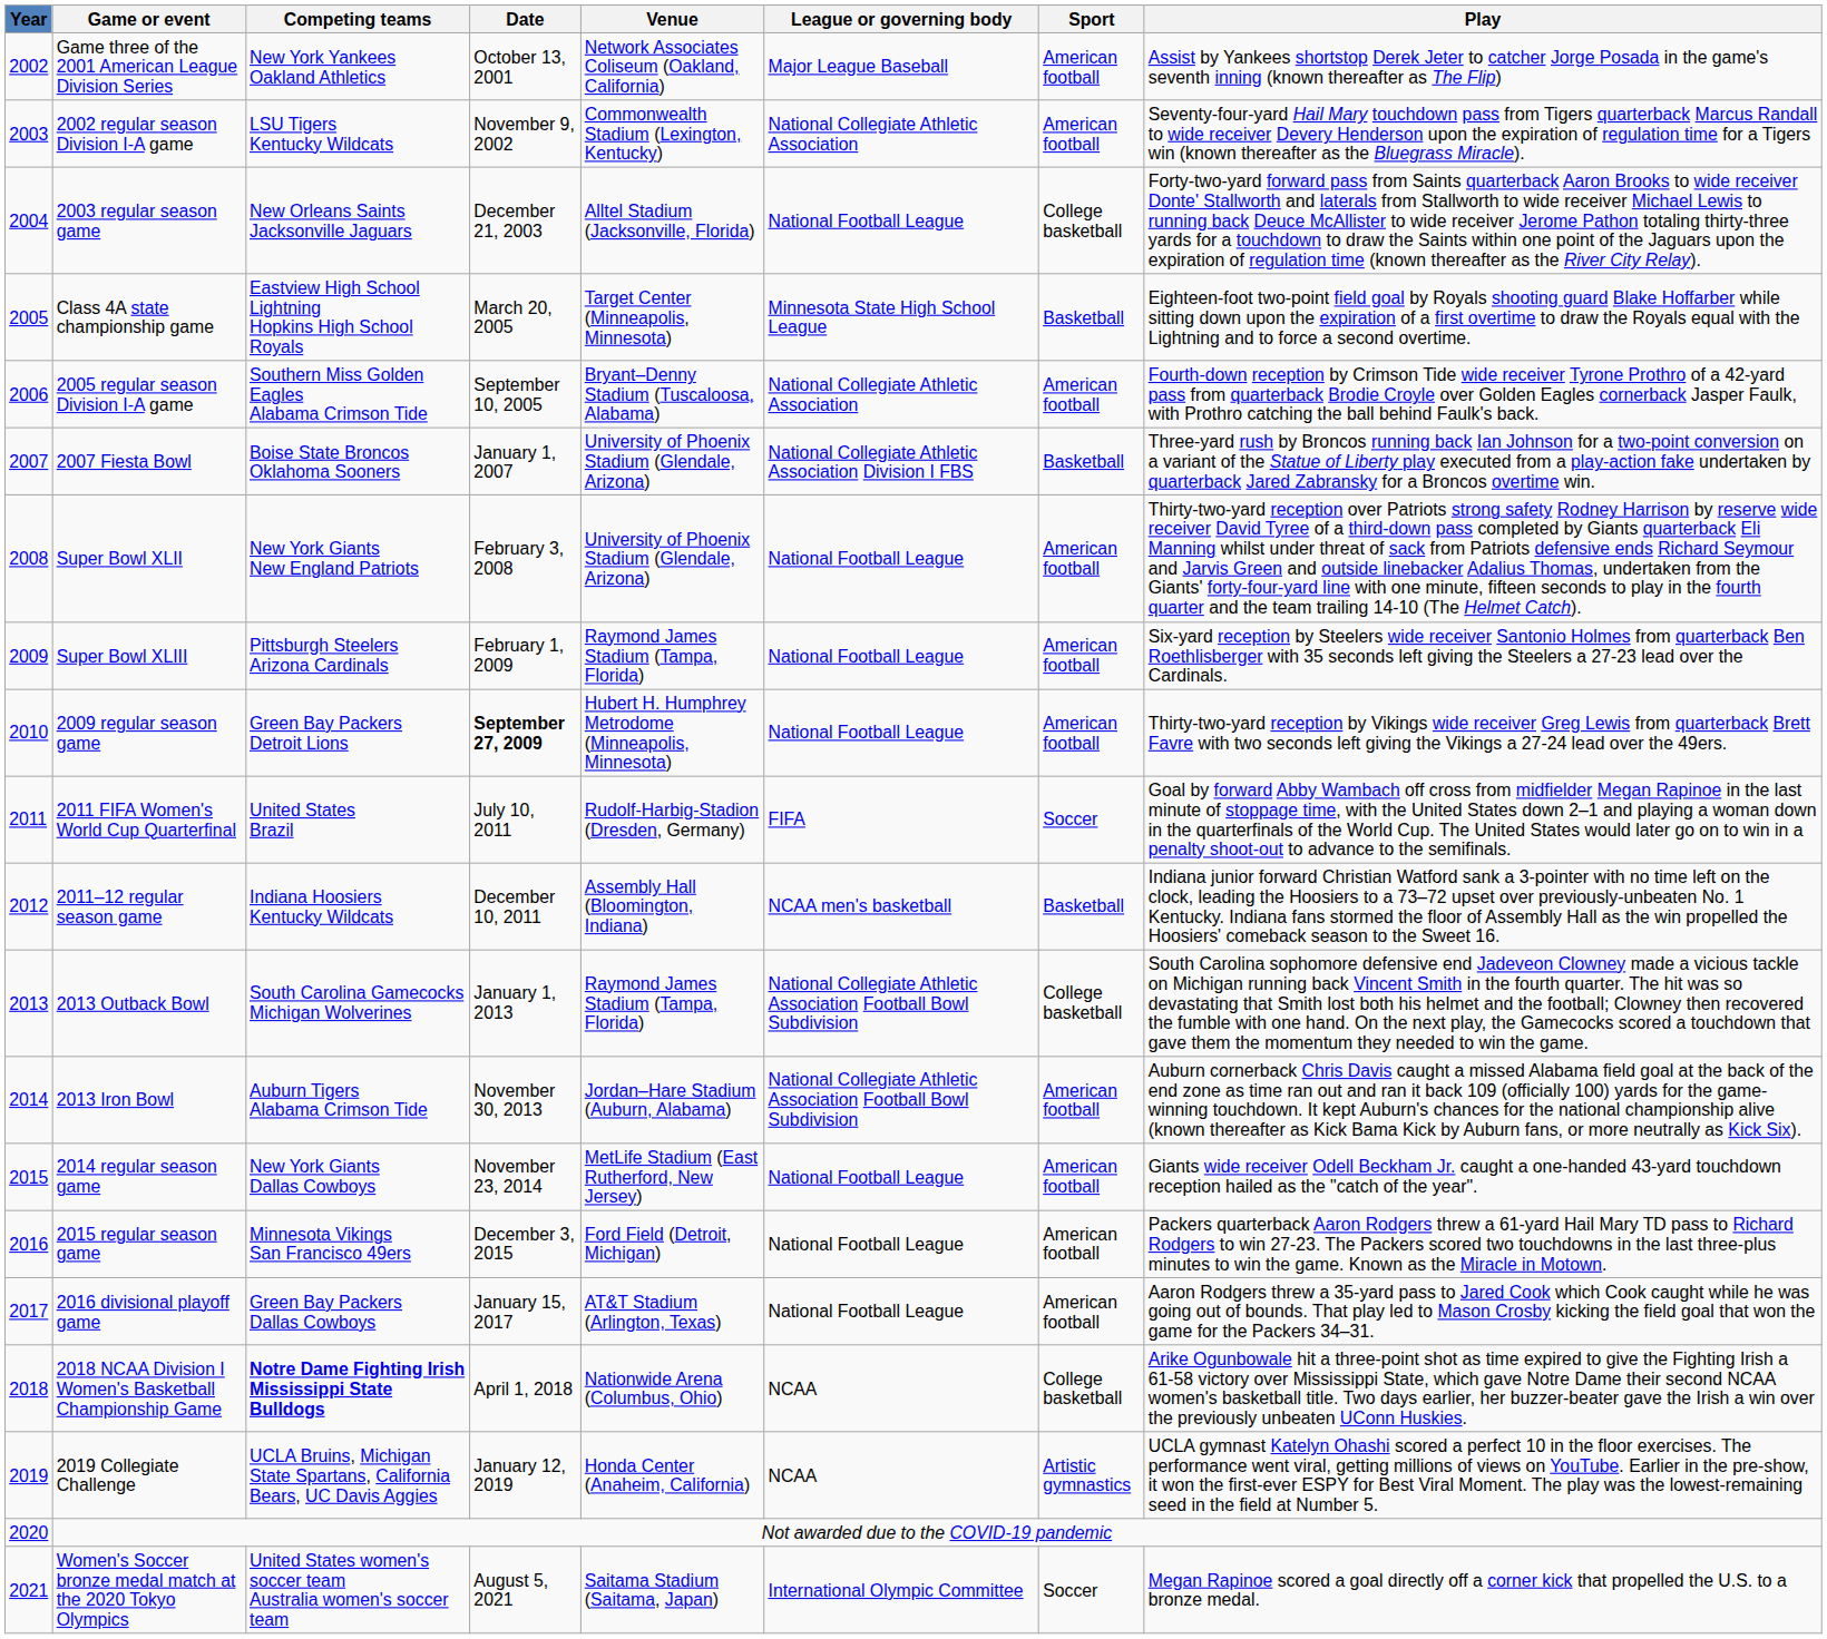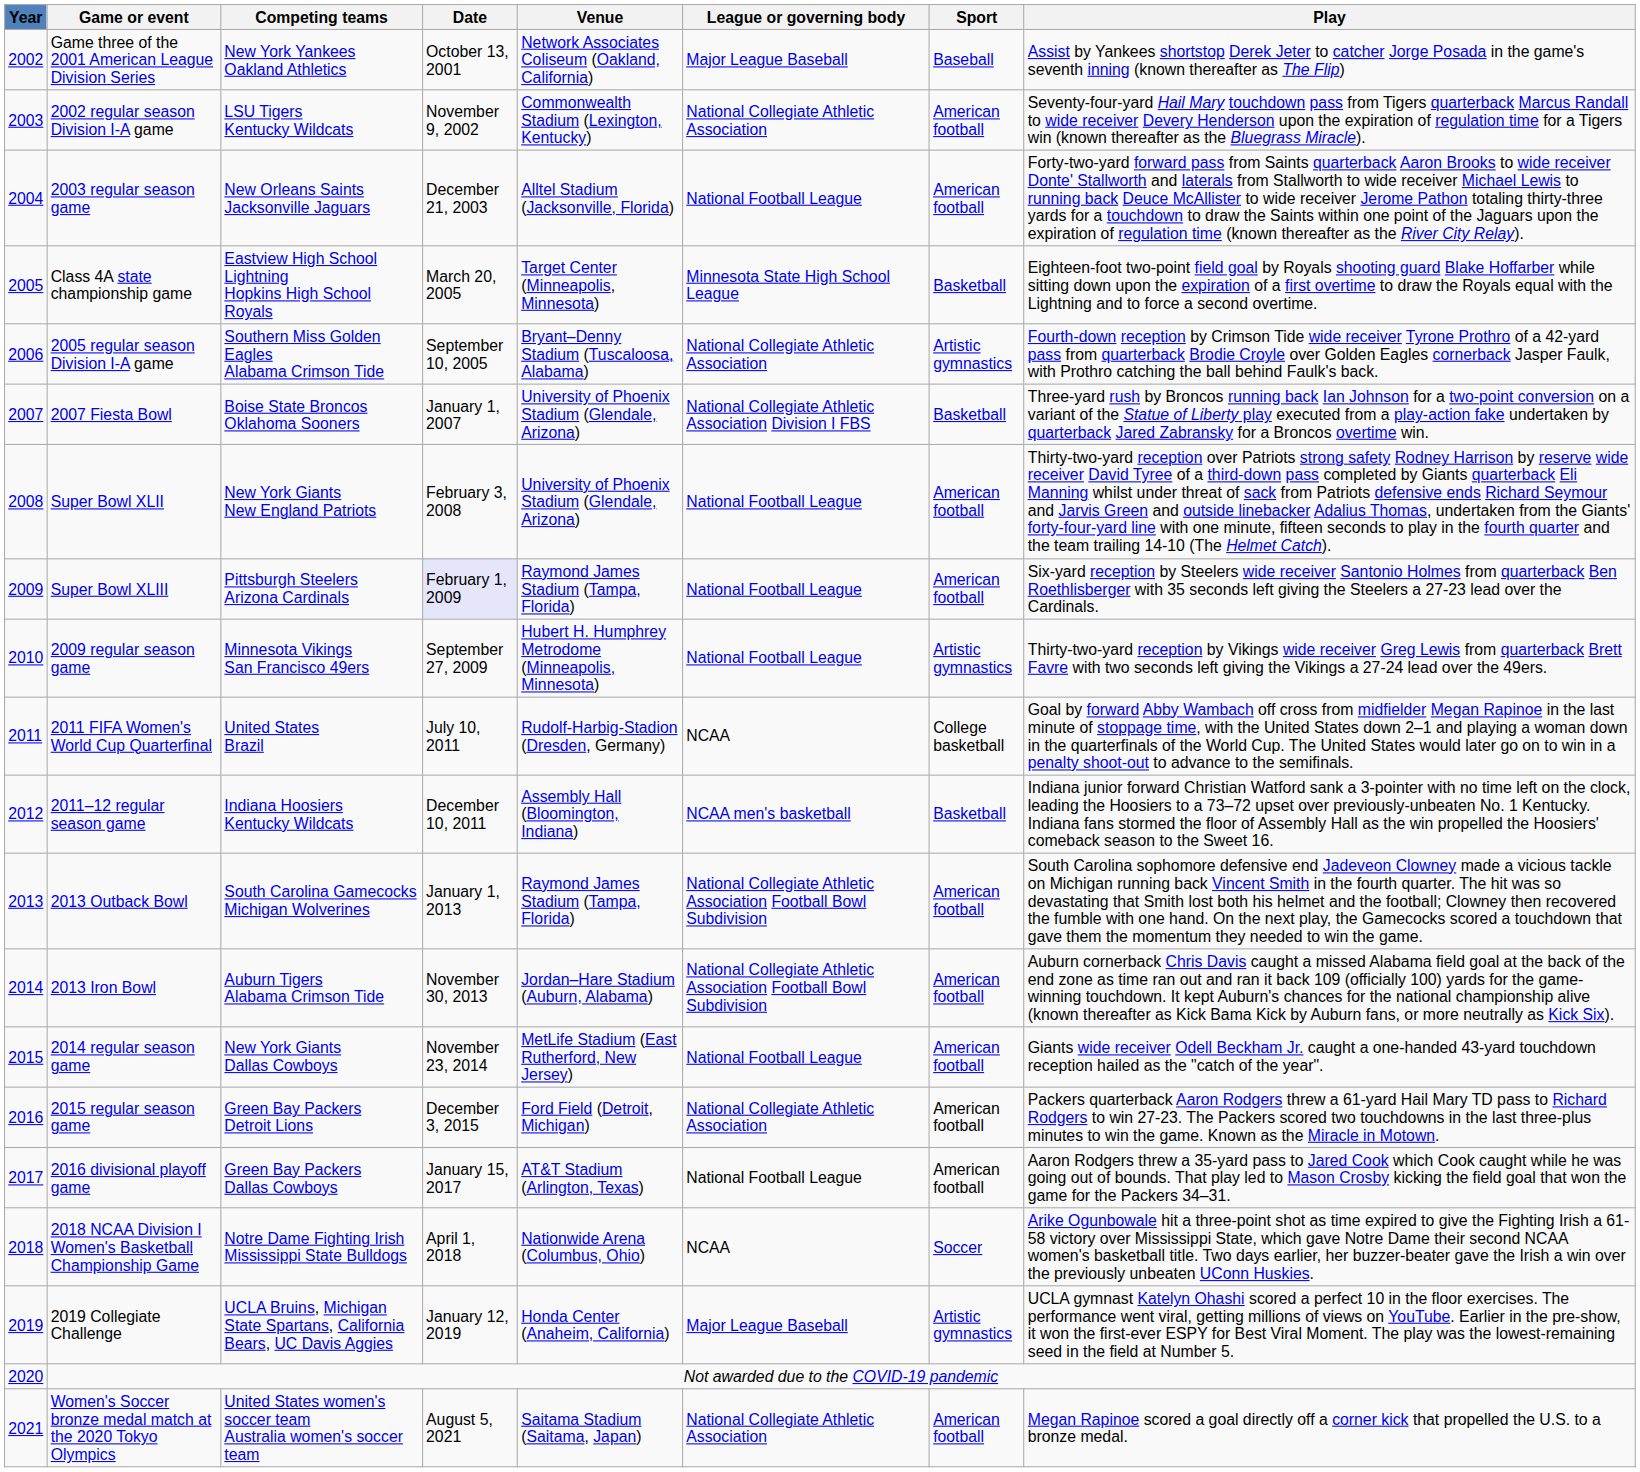 <table class="wikitable sortable" style="font-size: 95%;">
 <tr style="white-space: nowrap;">
 <th style="background-color:#4F81BD">Year</th>
 <th>Game or event</th>
 <th class="unsortable">Competing teams</th>
 <th class="unsortable">Date</th>
 <th>Venue</th>
 <th>League or governing body</th>
 <th>Sport</th>
 <th class="unsortable">Play</th>
 </tr>
 <tr>
 <td><a href='#'>2002</a></td>
 <td>Game three of the <a href='#'>2001 American League Division Series</a></td>
 <td><a href='#'>New York Yankees</a><br><a href='#'>Oakland Athletics</a></td>
 <td>October 13, 2001</td>
 <td><a href='#'>Network Associates Coliseum</a> (<a href='#'>Oakland, California</a>)</td>
 <td><a href='#'>Major League Baseball</a></td>
-<td><a href='#'>American football</a></td>
+<td><a href='#'>Baseball</a></td>
 <td><a href='#'>Assist</a> by Yankees <a href='#'>shortstop</a> <a href='#'>Derek Jeter</a> to <a href='#'>catcher</a> <a href='#'>Jorge Posada</a> in the game's seventh <a href='#'>inning</a> (known thereafter as <em><a href='#'>The Flip</a></em>)</td>
 </tr>
 <tr>
 <td><a href='#'>2003</a></td>
 <td><a href='#'>2002 regular season</a> <a href='#'>Division I-A</a> game</td>
 <td><a href='#'>LSU Tigers</a><br><a href='#'>Kentucky Wildcats</a></td>
 <td>November 9, 2002</td>
 <td><a href='#'>Commonwealth Stadium</a> (<a href='#'>Lexington, Kentucky</a>)</td>
 <td><a href='#'>National Collegiate Athletic Association</a></td>
 <td><a href='#'>American football</a></td>
 <td>Seventy-four-yard <em><a href='#'>Hail Mary</a></em> <a href='#'>touchdown</a> <a href='#'>pass</a> from Tigers <a href='#'>quarterback</a> <a href='#'>Marcus Randall</a> to <a href='#'>wide receiver</a> <a href='#'>Devery Henderson</a> upon the expiration of <a href='#'>regulation time</a> for a Tigers win (known thereafter as the <em><a href='#'>Bluegrass Miracle</a></em>).</td>
 </tr>
 <tr>
 <td><a href='#'>2004</a></td>
 <td><a href='#'>2003 regular season game</a></td>
 <td><a href='#'>New Orleans Saints</a><br><a href='#'>Jacksonville Jaguars</a></td>
 <td>December 21, 2003</td>
 <td><a href='#'>Alltel Stadium</a> (<a href='#'>Jacksonville, Florida</a>)</td>
 <td><a href='#'>National Football League</a></td>
-<td>College basketball</td>
+<td><a href='#'>American football</a></td>
 <td>Forty-two-yard <a href='#'>forward pass</a> from Saints <a href='#'>quarterback</a> <a href='#'>Aaron Brooks</a> to <a href='#'>wide receiver</a> <a href='#'>Donte' Stallworth</a> and <a href='#'>laterals</a> from Stallworth to wide receiver <a href='#'>Michael Lewis</a> to <a href='#'>running back</a> <a href='#'>Deuce McAllister</a> to wide receiver <a href='#'>Jerome Pathon</a> totaling thirty-three yards for a <a href='#'>touchdown</a> to draw the Saints within one point of the Jaguars upon the expiration of <a href='#'>regulation time</a> (known thereafter as the <em><a href='#'>River City Relay</a></em>).</td>
 </tr>
 <tr>
 <td><a href='#'>2005</a></td>
 <td>Class 4A <a href='#'>state</a> championship game</td>
 <td><a href='#'>Eastview High School Lightning</a><br><a href='#'>Hopkins High School Royals</a></td>
 <td>March 20, 2005</td>
 <td><a href='#'>Target Center</a> (<a href='#'>Minneapolis</a>, <a href='#'>Minnesota</a>)</td>
 <td><a href='#'>Minnesota State High School League</a></td>
 <td><a href='#'>Basketball</a></td>
 <td>Eighteen-foot two-point <a href='#'>field goal</a> by Royals <a href='#'>shooting guard</a> <a href='#'>Blake Hoffarber</a> while sitting down upon the <a href='#'>expiration</a> of a <a href='#'>first overtime</a> to draw the Royals equal with the Lightning and to force a second overtime.</td>
 </tr>
 <tr>
 <td><a href='#'>2006</a></td>
 <td><a href='#'>2005 regular season</a> <a href='#'>Division I-A</a> game</td>
 <td><a href='#'>Southern Miss Golden Eagles</a><br><a href='#'>Alabama Crimson Tide</a></td>
 <td>September 10, 2005</td>
 <td><a href='#'>Bryant–Denny Stadium</a> (<a href='#'>Tuscaloosa, Alabama</a>)</td>
 <td><a href='#'>National Collegiate Athletic Association</a></td>
-<td><a href='#'>American football</a></td>
+<td><a href='#'>Artistic gymnastics</a></td>
 <td><a href='#'>Fourth-down</a> <a href='#'>reception</a> by Crimson Tide <a href='#'>wide receiver</a> <a href='#'>Tyrone Prothro</a> of a 42-yard <a href='#'>pass</a> from <a href='#'>quarterback</a> <a href='#'>Brodie Croyle</a> over Golden Eagles <a href='#'>cornerback</a> Jasper Faulk, with Prothro catching the ball behind Faulk's back.</td>
 </tr>
 <tr>
 <td><a href='#'>2007</a></td>
 <td><a href='#'>2007 Fiesta Bowl</a></td>
 <td><a href='#'>Boise State Broncos</a><br><a href='#'>Oklahoma Sooners</a></td>
 <td>January 1, 2007</td>
 <td><a href='#'>University of Phoenix Stadium</a> (<a href='#'>Glendale, Arizona</a>)</td>
 <td><a href='#'>National Collegiate Athletic Association</a> <a href='#'>Division I FBS</a></td>
 <td><a href='#'>Basketball</a></td>
 <td>Three-yard <a href='#'>rush</a> by Broncos <a href='#'>running back</a> <a href='#'>Ian Johnson</a> for a <a href='#'>two-point conversion</a> on a variant of the <a href='#'><em>Statue of Liberty</em> play</a> executed from a <a href='#'>play-action fake</a> undertaken by <a href='#'>quarterback</a> <a href='#'>Jared Zabransky</a> for a Broncos <a href='#'>overtime</a> win.</td>
 </tr>
 <tr>
 <td><a href='#'>2008</a></td>
 <td><a href='#'>Super Bowl XLII</a></td>
 <td><a href='#'>New York Giants</a><br><a href='#'>New England Patriots</a></td>
 <td>February 3, 2008</td>
 <td><a href='#'>University of Phoenix Stadium</a> (<a href='#'>Glendale, Arizona</a>)</td>
 <td><a href='#'>National Football League</a></td>
 <td><a href='#'>American football</a></td>
 <td>Thirty-two-yard <a href='#'>reception</a> over Patriots <a href='#'>strong safety</a> <a href='#'>Rodney Harrison</a> by <a href='#'>reserve</a> <a href='#'>wide receiver</a> <a href='#'>David Tyree</a> of a <a href='#'>third-down</a> <a href='#'>pass</a> completed by Giants <a href='#'>quarterback</a> <a href='#'>Eli Manning</a> whilst under threat of <a href='#'>sack</a> from Patriots <a href='#'>defensive ends</a> <a href='#'>Richard Seymour</a> and <a href='#'>Jarvis Green</a> and <a href='#'>outside linebacker</a> <a href='#'>Adalius Thomas</a>, undertaken from the Giants' <a href='#'>forty-four-yard line</a> with one minute, fifteen seconds to play in the <a href='#'>fourth quarter</a> and the team trailing 14-10 (The <em><a href='#'>Helmet Catch</a></em>).</td>
 </tr>
 <tr>
 <td><a href='#'>2009</a></td>
 <td><a href='#'>Super Bowl XLIII</a></td>
 <td><a href='#'>Pittsburgh Steelers</a><br><a href='#'>Arizona Cardinals</a></td>
-<td>February 1, 2009</td>
+<td style="background: lavender;">February 1, 2009</td>
 <td><a href='#'>Raymond James Stadium</a> (<a href='#'>Tampa, Florida</a>)</td>
 <td><a href='#'>National Football League</a></td>
 <td><a href='#'>American football</a></td>
 <td>Six-yard <a href='#'>reception</a> by Steelers <a href='#'>wide receiver</a> <a href='#'>Santonio Holmes</a> from <a href='#'>quarterback</a> <a href='#'>Ben Roethlisberger</a> with 35 seconds left giving the Steelers a 27-23 lead over the Cardinals.</td>
 </tr>
 <tr>
 <td><a href='#'>2010</a></td>
 <td><a href='#'>2009 regular season game</a></td>
-<td><a href='#'>Green Bay Packers</a><br><a href='#'>Detroit Lions</a></td>
-<td><strong>September 27, 2009</strong></td>
+<td><a href='#'>Minnesota Vikings</a><br><a href='#'>San Francisco 49ers</a></td>
+<td>September 27, 2009</td>
 <td><a href='#'>Hubert H. Humphrey Metrodome</a> (<a href='#'>Minneapolis, Minnesota</a>)</td>
 <td><a href='#'>National Football League</a></td>
-<td><a href='#'>American football</a></td>
+<td><a href='#'>Artistic gymnastics</a></td>
 <td>Thirty-two-yard <a href='#'>reception</a> by Vikings <a href='#'>wide receiver</a> <a href='#'>Greg Lewis</a> from <a href='#'>quarterback</a> <a href='#'>Brett Favre</a> with two seconds left giving the Vikings a 27-24 lead over the 49ers.</td>
 </tr>
 <tr>
 <td><a href='#'>2011</a></td>
 <td><a href='#'>2011 FIFA Women's World Cup Quarterfinal</a></td>
 <td><a href='#'>United States</a><br><a href='#'>Brazil</a></td>
 <td>July 10, 2011</td>
 <td><a href='#'>Rudolf-Harbig-Stadion</a> (<a href='#'>Dresden</a>, Germany)</td>
-<td><a href='#'>FIFA</a></td>
-<td><a href='#'>Soccer</a></td>
+<td>NCAA</td>
+<td>College basketball</td>
 <td>Goal by <a href='#'>forward</a> <a href='#'>Abby Wambach</a> off cross from <a href='#'>midfielder</a> <a href='#'>Megan Rapinoe</a> in the last minute of <a href='#'>stoppage time</a>, with the United States down 2–1 and playing a woman down in the quarterfinals of the World Cup. The United States would later go on to win in a <a href='#'>penalty shoot-out</a> to advance to the semifinals.</td>
 </tr>
 <tr>
 <td><a href='#'>2012</a></td>
 <td><a href='#'>2011–12 regular season game</a></td>
 <td><a href='#'>Indiana Hoosiers</a><br><a href='#'>Kentucky Wildcats</a></td>
 <td>December 10, 2011</td>
 <td><a href='#'>Assembly Hall</a> (<a href='#'>Bloomington, Indiana</a>)</td>
 <td><a href='#'>NCAA men's basketball</a></td>
 <td><a href='#'>Basketball</a></td>
 <td>Indiana junior forward Christian Watford sank a 3-pointer with no time left on the clock, leading the Hoosiers to a 73–72 upset over previously-unbeaten No. 1 Kentucky. Indiana fans stormed the floor of Assembly Hall as the win propelled the Hoosiers' comeback season to the Sweet 16.</td>
 </tr>
 <tr>
 <td><a href='#'>2013</a></td>
 <td><a href='#'>2013 Outback Bowl</a></td>
 <td><a href='#'>South Carolina Gamecocks</a><br><a href='#'>Michigan Wolverines</a></td>
 <td>January 1, 2013</td>
 <td><a href='#'>Raymond James Stadium</a> (<a href='#'>Tampa, Florida</a>)</td>
 <td><a href='#'>National Collegiate Athletic Association</a> <a href='#'>Football Bowl Subdivision</a></td>
-<td>College basketball</td>
+<td><a href='#'>American football</a></td>
 <td>South Carolina sophomore defensive end <a href='#'>Jadeveon Clowney</a> made a vicious tackle on Michigan running back <a href='#'>Vincent Smith</a> in the fourth quarter. The hit was so devastating that Smith lost both his helmet and the football; Clowney then recovered the fumble with one hand. On the next play, the Gamecocks scored a touchdown that gave them the momentum they needed to win the game.</td>
 </tr>
 <tr>
 <td><a href='#'>2014</a></td>
 <td><a href='#'>2013 Iron Bowl</a></td>
 <td><a href='#'>Auburn Tigers</a><br><a href='#'>Alabama Crimson Tide</a></td>
 <td>November 30, 2013</td>
 <td><a href='#'>Jordan–Hare Stadium</a> (<a href='#'>Auburn, Alabama</a>)</td>
 <td><a href='#'>National Collegiate Athletic Association</a> <a href='#'>Football Bowl Subdivision</a></td>
 <td><a href='#'>American football</a></td>
 <td>Auburn cornerback <a href='#'>Chris Davis</a> caught a missed Alabama field goal at the back of the end zone as time ran out and ran it back 109 (officially 100) yards for the game-winning touchdown. It kept Auburn's chances for the national championship alive (known thereafter as Kick Bama Kick by Auburn fans, or more neutrally as <a href='#'>Kick Six</a>).</td>
 </tr>
 <tr>
 <td><a href='#'>2015</a></td>
 <td><a href='#'>2014 regular season game</a></td>
 <td><a href='#'>New York Giants</a><br><a href='#'>Dallas Cowboys</a></td>
 <td>November 23, 2014</td>
 <td><a href='#'>MetLife Stadium</a> (<a href='#'>East Rutherford, New Jersey</a>)</td>
 <td><a href='#'>National Football League</a></td>
 <td><a href='#'>American football</a></td>
 <td>Giants <a href='#'>wide receiver</a> <a href='#'>Odell Beckham Jr.</a> caught a one-handed 43-yard touchdown reception hailed as the "catch of the year".</td>
 </tr>
 <tr>
 <td><a href='#'>2016</a></td>
 <td><a href='#'>2015 regular season game</a></td>
-<td><a href='#'>Minnesota Vikings</a><br><a href='#'>San Francisco 49ers</a></td>
+<td><a href='#'>Green Bay Packers</a><br><a href='#'>Detroit Lions</a></td>
 <td>December 3, 2015</td>
 <td><a href='#'>Ford Field</a> (<a href='#'>Detroit</a>, <a href='#'>Michigan</a>)</td>
-<td>National Football League</td>
+<td><a href='#'>National Collegiate Athletic Association</a></td>
 <td>American football</td>
 <td>Packers quarterback <a href='#'>Aaron Rodgers</a> threw a 61-yard Hail Mary TD pass to <a href='#'>Richard Rodgers</a> to win 27-23. The Packers scored two touchdowns in the last three-plus minutes to win the game. Known as the <a href='#'>Miracle in Motown</a>.</td>
 </tr>
 <tr>
 <td><a href='#'>2017</a></td>
 <td><a href='#'>2016 divisional playoff game</a></td>
 <td><a href='#'>Green Bay Packers</a><br><a href='#'>Dallas Cowboys</a></td>
 <td>January 15, 2017</td>
 <td><a href='#'>AT&T Stadium</a> (<a href='#'>Arlington, Texas</a>)</td>
 <td>National Football League</td>
 <td>American football</td>
 <td>Aaron Rodgers threw a 35-yard  pass to <a href='#'>Jared Cook</a> which Cook caught while he was going out of bounds. That play led to <a href='#'>Mason Crosby</a> kicking the field goal that won the game for the Packers 34–31.</td>
 </tr>
 <tr>
 <td><a href='#'>2018</a></td>
 <td><a href='#'>2018 NCAA Division I Women's Basketball Championship Game</a></td>
-<td><strong><a href='#'>Notre Dame Fighting Irish</a><br><a href='#'>Mississippi State Bulldogs</a></strong></td>
+<td><a href='#'>Notre Dame Fighting Irish</a><br><a href='#'>Mississippi State Bulldogs</a></td>
 <td>April 1, 2018</td>
 <td><a href='#'>Nationwide Arena</a> (<a href='#'>Columbus, Ohio</a>)</td>
 <td>NCAA</td>
-<td>College basketball</td>
+<td><a href='#'>Soccer</a></td>
 <td><a href='#'>Arike Ogunbowale</a> hit a three-point shot as time expired to give the Fighting Irish a 61-58 victory over Mississippi State, which gave Notre Dame their second NCAA women's basketball title. Two days earlier, her buzzer-beater gave the Irish a win over the previously unbeaten <a href='#'>UConn Huskies</a>.</td>
 </tr>
 <tr>
 <td><a href='#'>2019</a></td>
 <td>2019 Collegiate Challenge</td>
 <td><a href='#'>UCLA Bruins</a>, <a href='#'>Michigan State Spartans</a>, <a href='#'>California Bears</a>, <a href='#'>UC Davis Aggies</a></td>
 <td>January 12, 2019</td>
 <td><a href='#'>Honda Center</a> (<a href='#'>Anaheim, California</a>)</td>
-<td>NCAA</td>
+<td><a href='#'>Major League Baseball</a></td>
 <td><a href='#'>Artistic gymnastics</a></td>
 <td>UCLA gymnast <a href='#'>Katelyn Ohashi</a> scored a perfect 10 in the floor exercises. The performance went viral, getting millions of views on <a href='#'>YouTube</a>. Earlier in the pre-show, it won the first-ever ESPY for Best Viral Moment. The play was the lowest-remaining seed in the field at Number 5.</td>
 </tr>
 <tr>
 <td><a href='#'>2020</a></td>
 <td colspan=7 align=center><em>Not awarded due to the <a href='#'>COVID-19 pandemic</a></em></td>
 </tr>
 <tr>
 <td><a href='#'>2021</a></td>
 <td><a href='#'>Women's Soccer bronze medal match at the 2020 Tokyo Olympics</a></td>
 <td><a href='#'>United States women's soccer team</a><br><a href='#'>Australia women's soccer team</a></td>
 <td>August 5, 2021</td>
 <td><a href='#'>Saitama Stadium</a> (<a href='#'>Saitama</a>, <a href='#'>Japan</a>)</td>
-<td><a href='#'>International Olympic Committee</a></td>
-<td>Soccer</td>
+<td><a href='#'>National Collegiate Athletic Association</a></td>
+<td><a href='#'>American football</a></td>
 <td><a href='#'>Megan Rapinoe</a> scored a goal directly off a <a href='#'>corner kick</a> that propelled the U.S. to a bronze medal.</td>
 </tr>
 </table>
